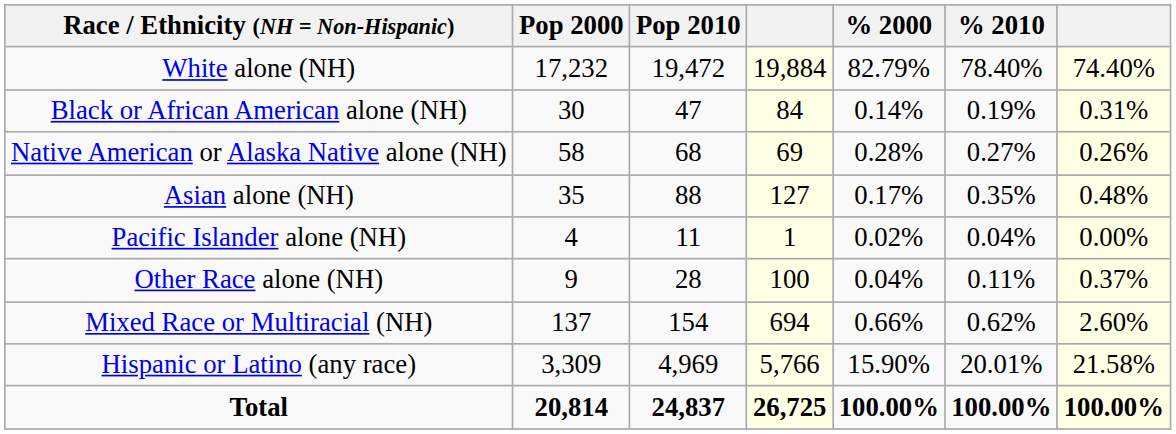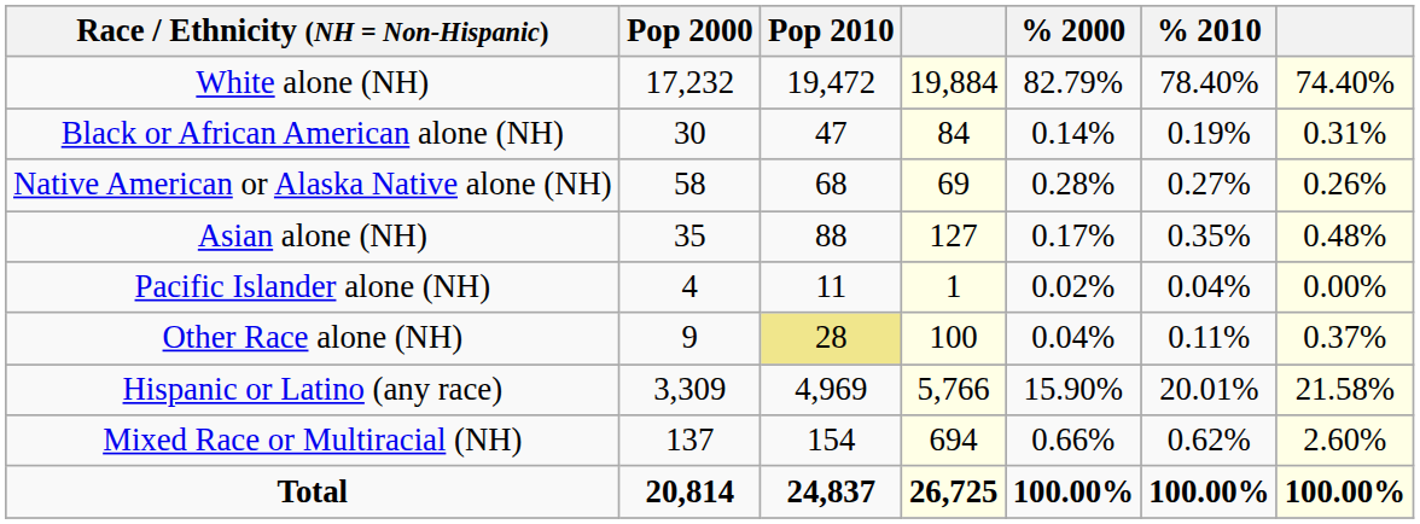 <table class="wikitable" style="text-align:center;">
 <tr>
 <th>Race / Ethnicity <small>(<em>NH = Non-Hispanic</em>)</small></th>
 <th>Pop 2000</th>
 <th>Pop 2010</th>
 <th></th>
 <th>% 2000</th>
 <th>% 2010</th>
 <th></th>
 </tr>
 <tr>
 <td><a href='#'>White</a> alone (NH)</td>
 <td>17,232</td>
 <td>19,472</td>
 <td style='background: #ffffe6;'>19,884</td>
 <td>82.79%</td>
 <td>78.40%</td>
 <td style='background: #ffffe6;'>74.40%</td>
 </tr>
 <tr>
 <td><a href='#'>Black or African American</a> alone (NH)</td>
 <td>30</td>
 <td>47</td>
 <td style='background: #ffffe6;'>84</td>
 <td>0.14%</td>
 <td>0.19%</td>
 <td style='background: #ffffe6;'>0.31%</td>
 </tr>
 <tr>
 <td><a href='#'>Native American</a> or <a href='#'>Alaska Native</a> alone (NH)</td>
 <td>58</td>
 <td>68</td>
 <td style='background: #ffffe6;'>69</td>
 <td>0.28%</td>
 <td>0.27%</td>
 <td style='background: #ffffe6;'>0.26%</td>
 </tr>
 <tr>
 <td><a href='#'>Asian</a> alone (NH)</td>
 <td>35</td>
 <td>88</td>
 <td style='background: #ffffe6;'>127</td>
 <td>0.17%</td>
 <td>0.35%</td>
 <td style='background: #ffffe6;'>0.48%</td>
 </tr>
 <tr>
 <td><a href='#'>Pacific Islander</a> alone (NH)</td>
 <td>4</td>
 <td>11</td>
 <td style='background: #ffffe6;'>1</td>
 <td>0.02%</td>
 <td>0.04%</td>
 <td style='background: #ffffe6;'>0.00%</td>
 </tr>
 <tr>
 <td><a href='#'>Other Race</a> alone (NH)</td>
 <td>9</td>
-<td>28</td>
+<td style="background: khaki;">28</td>
 <td style='background: #ffffe6;'>100</td>
 <td>0.04%</td>
 <td>0.11%</td>
 <td style='background: #ffffe6;'>0.37%</td>
+</tr>
+<tr>
+<td><a href='#'>Hispanic or Latino</a> (any race)</td>
+<td>3,309</td>
+<td>4,969</td>
+<td style='background: #ffffe6;'>5,766</td>
+<td>15.90%</td>
+<td>20.01%</td>
+<td style='background: #ffffe6;'>21.58%</td>
 </tr>
 <tr>
 <td><a href='#'>Mixed Race or Multiracial</a> (NH)</td>
 <td>137</td>
 <td>154</td>
 <td style='background: #ffffe6;'>694</td>
 <td>0.66%</td>
 <td>0.62%</td>
 <td style='background: #ffffe6;'>2.60%</td>
 </tr>
 <tr>
-<td><a href='#'>Hispanic or Latino</a> (any race)</td>
-<td>3,309</td>
-<td>4,969</td>
-<td style='background: #ffffe6;'>5,766</td>
-<td>15.90%</td>
-<td>20.01%</td>
-<td style='background: #ffffe6;'>21.58%</td>
-</tr>
-<tr>
 <td><strong>Total</strong></td>
 <td><strong>20,814</strong></td>
 <td><strong>24,837</strong></td>
 <td style='background: #ffffe6;'><strong>26,725</strong></td>
 <td><strong>100.00%</strong></td>
 <td><strong>100.00%</strong></td>
 <td style='background: #ffffe6;'><strong>100.00%</strong></td>
 </tr>
 </table>
